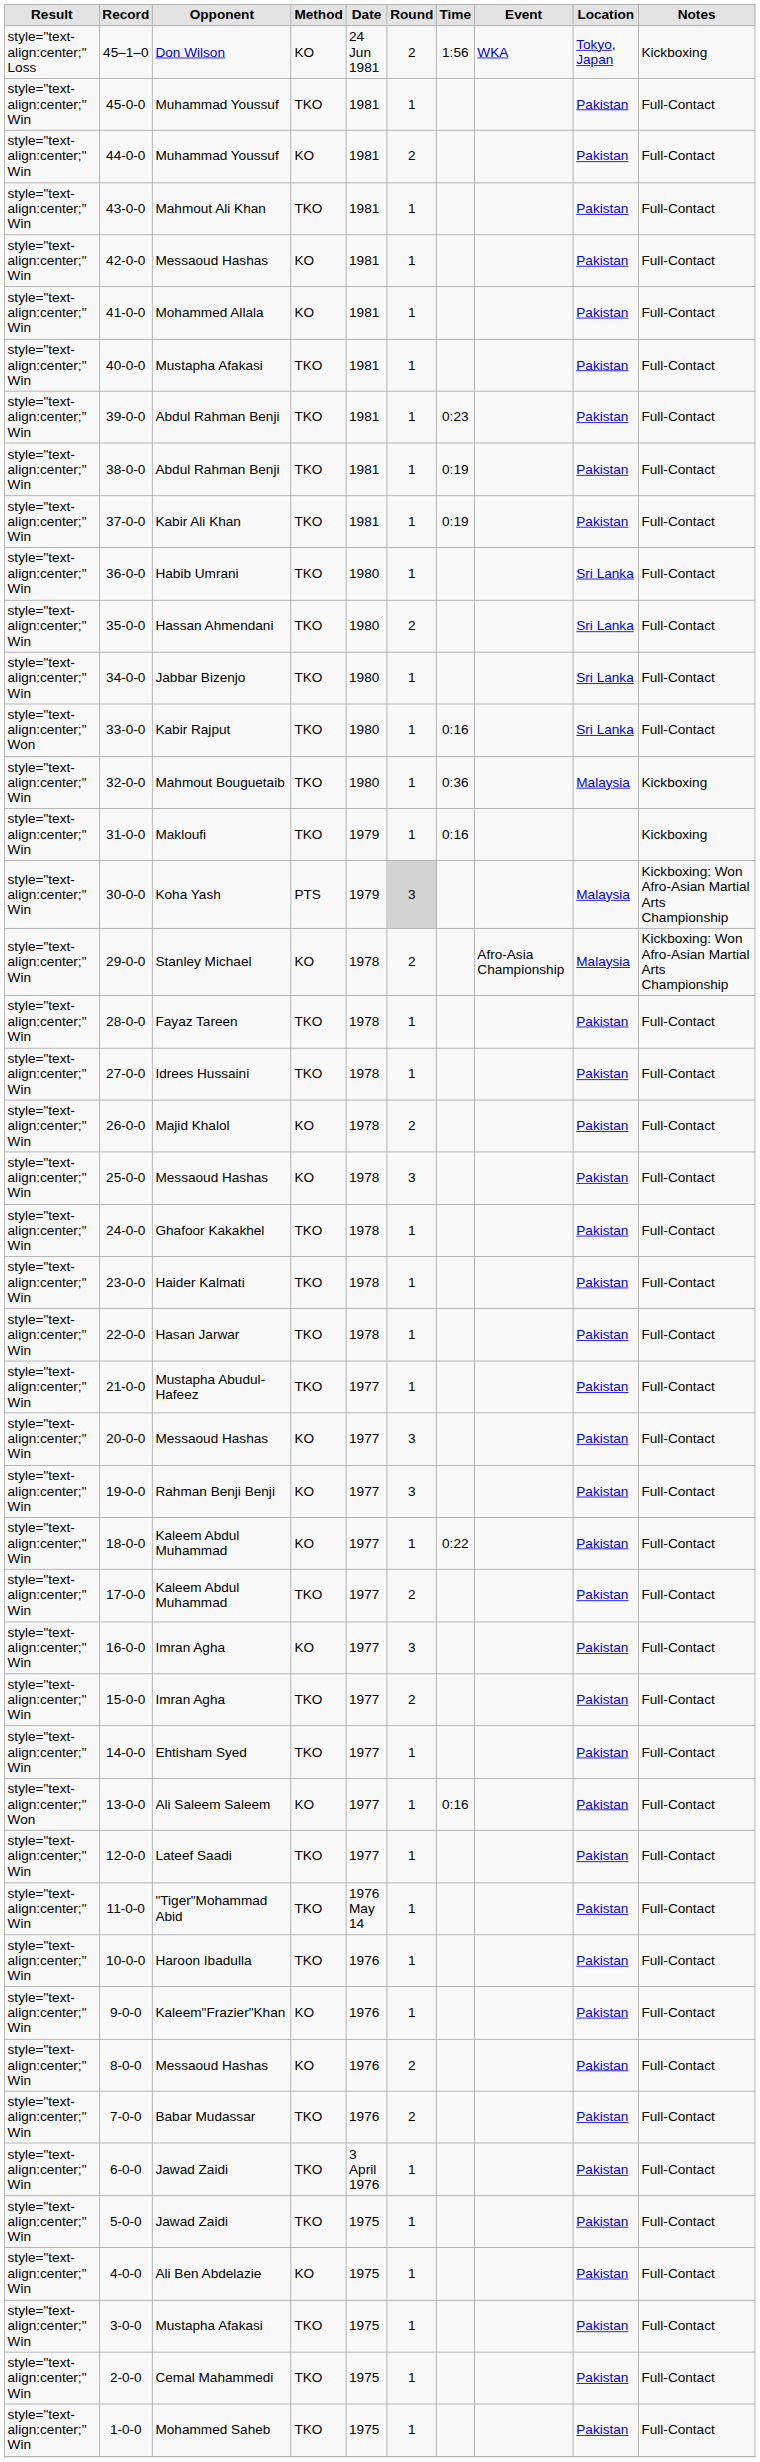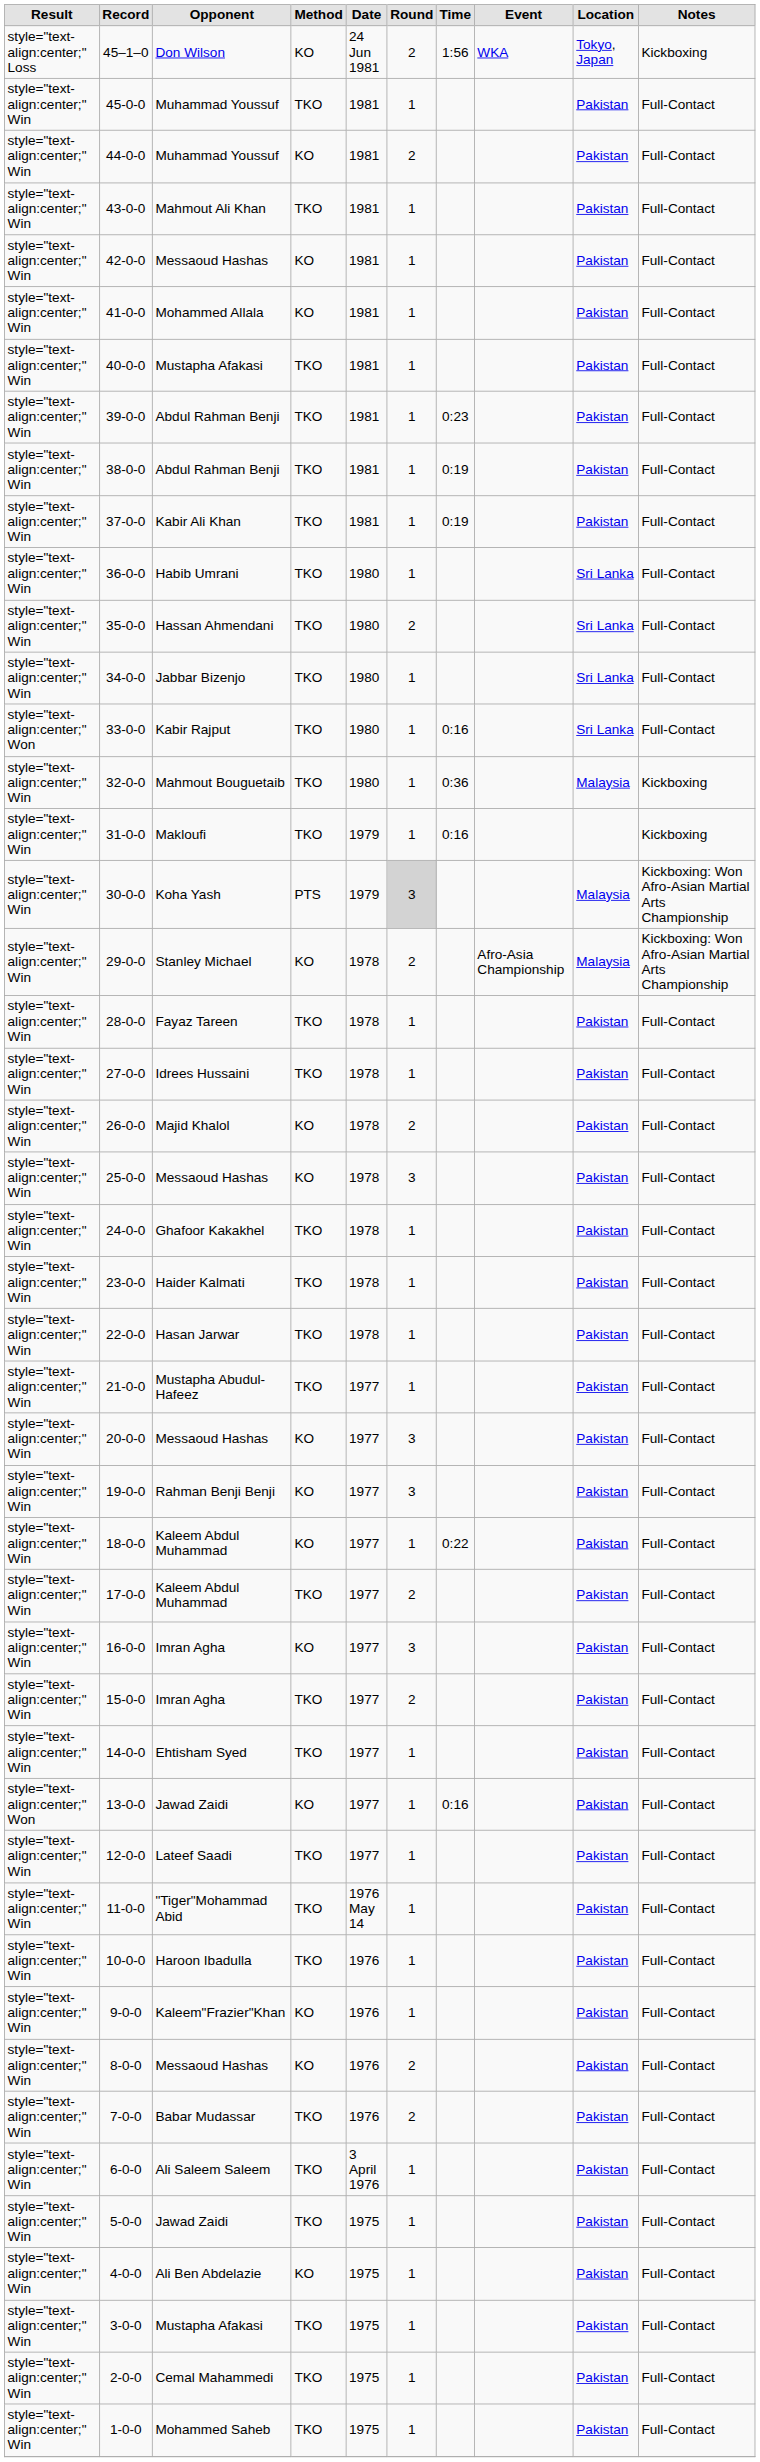 <table class="wikitable sortable" style="text-align:left; width:100%;">
 <tr>
 <th style="border-style:none none solid solid; background:#e3e3e3;">Result</th>
 <th style="border-style:none none solid solid; background:#e3e3e3;">Record</th>
 <th style="border-style:none none solid solid; background:#e3e3e3;">Opponent</th>
 <th style="border-style:none none solid solid; background:#e3e3e3;">Method</th>
 <th style="border-style:none none solid solid; background:#e3e3e3;">Date</th>
 <th style="border-style:none none solid solid; background:#e3e3e3;">Round</th>
 <th style="border-style:none none solid solid; background:#e3e3e3;">Time</th>
 <th style="border-style:none none solid solid; background:#e3e3e3;">Event</th>
 <th style="border-style:none none solid solid; background:#e3e3e3;">Location</th>
 <th style="border-style:none none solid solid; background:#e3e3e3;">Notes</th>
 </tr>
 <tr>
 <td>style="text-align:center;" Loss</td>
 <td style="text-align:center;">45–1–0</td>
 <td align='left'><a href='#'>Don Wilson</a></td>
 <td align='left'>KO</td>
 <td align='left'>24 Jun 1981</td>
 <td style="text-align:center;">2</td>
 <td style="text-align:center;">1:56</td>
 <td align='left'><a href='#'>WKA</a></td>
 <td><a href='#'>Tokyo</a>, <a href='#'>Japan</a></td>
 <td>Kickboxing</td>
 </tr>
 <tr>
 <td>style="text-align:center;" Win</td>
 <td style="text-align:center;">45-0-0</td>
 <td align='left'>Muhammad Youssuf</td>
 <td align='left'>TKO</td>
 <td align='left'>1981</td>
 <td style="text-align:center;">1</td>
 <td style="text-align:center;"></td>
 <td align='left'></td>
 <td><a href='#'>Pakistan</a></td>
 <td>Full-Contact</td>
 </tr>
 <tr>
 <td>style="text-align:center;" Win</td>
 <td style="text-align:center;">44-0-0</td>
 <td align='left'>Muhammad Youssuf</td>
 <td align='left'>KO</td>
 <td align='left'>1981</td>
 <td style="text-align:center;">2</td>
 <td style="text-align:center;"></td>
 <td align='left'></td>
 <td><a href='#'>Pakistan</a></td>
 <td>Full-Contact</td>
 </tr>
 <tr>
 <td>style="text-align:center;" Win</td>
 <td style="text-align:center;">43-0-0</td>
 <td align='left'>Mahmout Ali Khan</td>
 <td align='left'>TKO</td>
 <td align='left'>1981</td>
 <td style="text-align:center;">1</td>
 <td style="text-align:center;"></td>
 <td align='left'></td>
 <td><a href='#'>Pakistan</a></td>
 <td>Full-Contact</td>
 </tr>
 <tr>
 <td>style="text-align:center;" Win</td>
 <td style="text-align:center;">42-0-0</td>
 <td align='left'>Messaoud Hashas</td>
 <td align='left'>KO</td>
 <td align='left'>1981</td>
 <td style="text-align:center;">1</td>
 <td style="text-align:center;"></td>
 <td align='left'></td>
 <td><a href='#'>Pakistan</a></td>
 <td>Full-Contact</td>
 </tr>
 <tr>
 <td>style="text-align:center;" Win</td>
 <td style="text-align:center;">41-0-0</td>
 <td align='left'>Mohammed Allala</td>
 <td align='left'>KO</td>
 <td align='left'>1981</td>
 <td style="text-align:center;">1</td>
 <td style="text-align:center;"></td>
 <td align='left'></td>
 <td><a href='#'>Pakistan</a></td>
 <td>Full-Contact</td>
 </tr>
 <tr>
 <td>style="text-align:center;" Win</td>
 <td style="text-align:center;">40-0-0</td>
 <td align='left'>Mustapha Afakasi</td>
 <td align='left'>TKO</td>
 <td align='left'>1981</td>
 <td style="text-align:center;">1</td>
 <td style="text-align:center;"></td>
 <td align='left'></td>
 <td><a href='#'>Pakistan</a></td>
 <td>Full-Contact</td>
 </tr>
 <tr>
 <td>style="text-align:center;" Win</td>
 <td style="text-align:center;">39-0-0</td>
 <td align='left'>Abdul Rahman Benji</td>
 <td align='left'>TKO</td>
 <td align='left'>1981</td>
 <td style="text-align:center;">1</td>
 <td style="text-align:center;">0:23</td>
 <td align='left'></td>
 <td><a href='#'>Pakistan</a></td>
 <td>Full-Contact</td>
 </tr>
 <tr>
 <td>style="text-align:center;" Win</td>
 <td style="text-align:center;">38-0-0</td>
 <td align='left'>Abdul Rahman Benji</td>
 <td align='left'>TKO</td>
 <td align='left'>1981</td>
 <td style="text-align:center;">1</td>
 <td style="text-align:center;">0:19</td>
 <td align='left'></td>
 <td><a href='#'>Pakistan</a></td>
 <td>Full-Contact</td>
 </tr>
 <tr>
 <td>style="text-align:center;" Win</td>
 <td style="text-align:center;">37-0-0</td>
 <td align='left'>Kabir Ali Khan</td>
 <td align='left'>TKO</td>
 <td align='left'>1981</td>
 <td style="text-align:center;">1</td>
 <td style="text-align:center;">0:19</td>
 <td align='left'></td>
 <td><a href='#'>Pakistan</a></td>
 <td>Full-Contact</td>
 </tr>
 <tr>
 <td>style="text-align:center;" Win</td>
 <td style="text-align:center;">36-0-0</td>
 <td align='left'>Habib Umrani</td>
 <td align='left'>TKO</td>
 <td align='left'>1980</td>
 <td style="text-align:center;">1</td>
 <td style="text-align:center;"></td>
 <td align='left'></td>
 <td><a href='#'>Sri Lanka</a></td>
 <td>Full-Contact</td>
 </tr>
 <tr>
 <td>style="text-align:center;" Win</td>
 <td style="text-align:center;">35-0-0</td>
 <td align='left'>Hassan Ahmendani</td>
 <td align='left'>TKO</td>
 <td align='left'>1980</td>
 <td style="text-align:center;">2</td>
 <td style="text-align:center;"></td>
 <td align='left'></td>
 <td><a href='#'>Sri Lanka</a></td>
 <td>Full-Contact</td>
 </tr>
 <tr>
 <td>style="text-align:center;" Win</td>
 <td style="text-align:center;">34-0-0</td>
 <td align='left'>Jabbar Bizenjo</td>
 <td align='left'>TKO</td>
 <td align='left'>1980</td>
 <td style="text-align:center;">1</td>
 <td style="text-align:center;"></td>
 <td align='left'></td>
 <td><a href='#'>Sri Lanka</a></td>
 <td>Full-Contact</td>
 </tr>
 <tr>
 <td>style="text-align:center;" Won</td>
 <td style="text-align:center;">33-0-0</td>
 <td align='left'>Kabir Rajput</td>
 <td align='left'>TKO</td>
 <td align='left'>1980</td>
 <td style="text-align:center;">1</td>
 <td style="text-align:center;">0:16</td>
 <td align='left'></td>
 <td><a href='#'>Sri Lanka</a></td>
 <td>Full-Contact</td>
 </tr>
 <tr>
 <td>style="text-align:center;" Win</td>
 <td style="text-align:center;">32-0-0</td>
 <td align='left'>Mahmout Bouguetaib</td>
 <td align='left'>TKO</td>
 <td align='left'>1980</td>
 <td style="text-align:center;">1</td>
 <td style="text-align:center;">0:36</td>
 <td align='left'></td>
 <td><a href='#'>Malaysia</a></td>
 <td>Kickboxing</td>
 </tr>
 <tr>
 <td>style="text-align:center;" Win</td>
 <td style="text-align:center;">31-0-0</td>
 <td align='left'>Makloufi</td>
 <td align='left'>TKO</td>
 <td align='left'>1979</td>
 <td style="text-align:center;">1</td>
 <td style="text-align:center;">0:16</td>
 <td align='left'></td>
 <td></td>
 <td>Kickboxing</td>
 </tr>
 <tr>
 <td>style="text-align:center;" Win</td>
 <td style="text-align:center;">30-0-0</td>
 <td align='left'>Koha Yash</td>
 <td align='left'>PTS</td>
 <td align='left'>1979</td>
 <td style="background: lightgrey; text-align:center;">3</td>
 <td style="text-align:center;"></td>
 <td align='left'></td>
 <td><a href='#'>Malaysia</a></td>
 <td>Kickboxing: Won Afro-Asian Martial Arts Championship</td>
 </tr>
 <tr>
 <td>style="text-align:center;" Win</td>
 <td style="text-align:center;">29-0-0</td>
 <td align='left'>Stanley Michael</td>
 <td align='left'>KO</td>
 <td align='left'>1978</td>
 <td style="text-align:center;">2</td>
 <td style="text-align:center;"></td>
 <td align='left'>Afro-Asia Championship</td>
 <td><a href='#'>Malaysia</a></td>
 <td>Kickboxing: Won Afro-Asian Martial Arts Championship</td>
 </tr>
 <tr>
 <td>style="text-align:center;" Win</td>
 <td style="text-align:center;">28-0-0</td>
 <td align='left'>Fayaz Tareen</td>
 <td align='left'>TKO</td>
 <td align='left'>1978</td>
 <td style="text-align:center;">1</td>
 <td style="text-align:center;"></td>
 <td align='left'></td>
 <td><a href='#'>Pakistan</a></td>
 <td>Full-Contact</td>
 </tr>
 <tr>
 <td>style="text-align:center;" Win</td>
 <td style="text-align:center;">27-0-0</td>
 <td align='left'>Idrees Hussaini</td>
 <td align='left'>TKO</td>
 <td align='left'>1978</td>
 <td style="text-align:center;">1</td>
 <td style="text-align:center;"></td>
 <td align='left'></td>
 <td><a href='#'>Pakistan</a></td>
 <td>Full-Contact</td>
 </tr>
 <tr>
 <td>style="text-align:center;" Win</td>
 <td style="text-align:center;">26-0-0</td>
 <td align='left'>Majid Khalol</td>
 <td align='left'>KO</td>
 <td align='left'>1978</td>
 <td style="text-align:center;">2</td>
 <td style="text-align:center;"></td>
 <td align='left'></td>
 <td><a href='#'>Pakistan</a></td>
 <td>Full-Contact</td>
 </tr>
 <tr>
 <td>style="text-align:center;" Win</td>
 <td style="text-align:center;">25-0-0</td>
 <td align='left'>Messaoud Hashas</td>
 <td align='left'>KO</td>
 <td align='left'>1978</td>
 <td style="text-align:center;">3</td>
 <td style="text-align:center;"></td>
 <td align='left'></td>
 <td><a href='#'>Pakistan</a></td>
 <td>Full-Contact</td>
 </tr>
 <tr>
 <td>style="text-align:center;" Win</td>
 <td style="text-align:center;">24-0-0</td>
 <td align='left'>Ghafoor Kakakhel</td>
 <td align='left'>TKO</td>
 <td align='left'>1978</td>
 <td style="text-align:center;">1</td>
 <td style="text-align:center;"></td>
 <td align='left'></td>
 <td><a href='#'>Pakistan</a></td>
 <td>Full-Contact</td>
 </tr>
 <tr>
 <td>style="text-align:center;" Win</td>
 <td style="text-align:center;">23-0-0</td>
 <td align='left'>Haider Kalmati</td>
 <td align='left'>TKO</td>
 <td align='left'>1978</td>
 <td style="text-align:center;">1</td>
 <td style="text-align:center;"></td>
 <td align='left'></td>
 <td><a href='#'>Pakistan</a></td>
 <td>Full-Contact</td>
 </tr>
 <tr>
 <td>style="text-align:center;" Win</td>
 <td style="text-align:center;">22-0-0</td>
 <td align='left'>Hasan Jarwar</td>
 <td align='left'>TKO</td>
 <td align='left'>1978</td>
 <td style="text-align:center;">1</td>
 <td style="text-align:center;"></td>
 <td align='left'></td>
 <td><a href='#'>Pakistan</a></td>
 <td>Full-Contact</td>
 </tr>
 <tr>
 <td>style="text-align:center;" Win</td>
 <td style="text-align:center;">21-0-0</td>
 <td align='left'>Mustapha Abudul-Hafeez</td>
 <td align='left'>TKO</td>
 <td align='left'>1977</td>
 <td style="text-align:center;">1</td>
 <td style="text-align:center;"></td>
 <td align='left'></td>
 <td><a href='#'>Pakistan</a></td>
 <td>Full-Contact</td>
 </tr>
 <tr>
 <td>style="text-align:center;" Win</td>
 <td style="text-align:center;">20-0-0</td>
 <td align='left'>Messaoud Hashas</td>
 <td align='left'>KO</td>
 <td align='left'>1977</td>
 <td style="text-align:center;">3</td>
 <td style="text-align:center;"></td>
 <td align='left'></td>
 <td><a href='#'>Pakistan</a></td>
 <td>Full-Contact</td>
 </tr>
 <tr>
 <td>style="text-align:center;" Win</td>
 <td style="text-align:center;">19-0-0</td>
 <td align='left'>Rahman Benji Benji</td>
 <td align='left'>KO</td>
 <td align='left'>1977</td>
 <td style="text-align:center;">3</td>
 <td style="text-align:center;"></td>
 <td align='left'></td>
 <td><a href='#'>Pakistan</a></td>
 <td>Full-Contact</td>
 </tr>
 <tr>
 <td>style="text-align:center;" Win</td>
 <td style="text-align:center;">18-0-0</td>
 <td align='left'>Kaleem Abdul Muhammad</td>
 <td align='left'>KO</td>
 <td align='left'>1977</td>
 <td style="text-align:center;">1</td>
 <td style="text-align:center;">0:22</td>
 <td align='left'></td>
 <td><a href='#'>Pakistan</a></td>
 <td>Full-Contact</td>
 </tr>
 <tr>
 <td>style="text-align:center;" Win</td>
 <td style="text-align:center;">17-0-0</td>
 <td align='left'>Kaleem Abdul Muhammad</td>
 <td align='left'>TKO</td>
 <td align='left'>1977</td>
 <td style="text-align:center;">2</td>
 <td style="text-align:center;"></td>
 <td align='left'></td>
 <td><a href='#'>Pakistan</a></td>
 <td>Full-Contact</td>
 </tr>
 <tr>
 <td>style="text-align:center;" Win</td>
 <td style="text-align:center;">16-0-0</td>
 <td align='left'>Imran Agha</td>
 <td align='left'>KO</td>
 <td align='left'>1977</td>
 <td style="text-align:center;">3</td>
 <td style="text-align:center;"></td>
 <td align='left'></td>
 <td><a href='#'>Pakistan</a></td>
 <td>Full-Contact</td>
 </tr>
 <tr>
 <td>style="text-align:center;" Win</td>
 <td style="text-align:center;">15-0-0</td>
 <td align='left'>Imran Agha</td>
 <td align='left'>TKO</td>
 <td align='left'>1977</td>
 <td style="text-align:center;">2</td>
 <td style="text-align:center;"></td>
 <td align='left'></td>
 <td><a href='#'>Pakistan</a></td>
 <td>Full-Contact</td>
 </tr>
 <tr>
 <td>style="text-align:center;" Win</td>
 <td style="text-align:center;">14-0-0</td>
 <td align='left'>Ehtisham Syed</td>
 <td align='left'>TKO</td>
 <td align='left'>1977</td>
 <td style="text-align:center;">1</td>
 <td style="text-align:center;"></td>
 <td align='left'></td>
 <td><a href='#'>Pakistan</a></td>
 <td>Full-Contact</td>
 </tr>
 <tr>
 <td>style="text-align:center;" Won</td>
 <td style="text-align:center;">13-0-0</td>
-<td align='left'>Ali Saleem Saleem</td>
+<td align='left'>Jawad Zaidi</td>
 <td align='left'>KO</td>
 <td align='left'>1977</td>
 <td style="text-align:center;">1</td>
 <td style="text-align:center;">0:16</td>
 <td align='left'></td>
 <td><a href='#'>Pakistan</a></td>
 <td>Full-Contact</td>
 </tr>
 <tr>
 <td>style="text-align:center;" Win</td>
 <td style="text-align:center;">12-0-0</td>
 <td align='left'>Lateef Saadi</td>
 <td align='left'>TKO</td>
 <td align='left'>1977</td>
 <td style="text-align:center;">1</td>
 <td style="text-align:center;"></td>
 <td align='left'></td>
 <td><a href='#'>Pakistan</a></td>
 <td>Full-Contact</td>
 </tr>
 <tr>
 <td>style="text-align:center;" Win</td>
 <td style="text-align:center;">11-0-0</td>
 <td align='left'>"Tiger"Mohammad Abid</td>
 <td align='left'>TKO</td>
 <td align='left'>1976 May 14</td>
 <td style="text-align:center;">1</td>
 <td style="text-align:center;"></td>
 <td align='left'></td>
 <td><a href='#'>Pakistan</a></td>
 <td>Full-Contact</td>
 </tr>
 <tr>
 <td>style="text-align:center;" Win</td>
 <td style="text-align:center;">10-0-0</td>
 <td align='left'>Haroon Ibadulla</td>
 <td align='left'>TKO</td>
 <td align='left'>1976</td>
 <td style="text-align:center;">1</td>
 <td style="text-align:center;"></td>
 <td align='left'></td>
 <td><a href='#'>Pakistan</a></td>
 <td>Full-Contact</td>
 </tr>
 <tr>
 <td>style="text-align:center;" Win</td>
 <td style="text-align:center;">9-0-0</td>
 <td align='left'>Kaleem"Frazier"Khan</td>
 <td align='left'>KO</td>
 <td align='left'>1976</td>
 <td style="text-align:center;">1</td>
 <td style="text-align:center;"></td>
 <td align='left'></td>
 <td><a href='#'>Pakistan</a></td>
 <td>Full-Contact</td>
 </tr>
 <tr>
 <td>style="text-align:center;" Win</td>
 <td style="text-align:center;">8-0-0</td>
 <td align='left'>Messaoud Hashas</td>
 <td align='left'>KO</td>
 <td align='left'>1976</td>
 <td style="text-align:center;">2</td>
 <td style="text-align:center;"></td>
 <td align='left'></td>
 <td><a href='#'>Pakistan</a></td>
 <td>Full-Contact</td>
 </tr>
 <tr>
 <td>style="text-align:center;" Win</td>
 <td style="text-align:center;">7-0-0</td>
 <td align='left'>Babar Mudassar</td>
 <td align='left'>TKO</td>
 <td align='left'>1976</td>
 <td style="text-align:center;">2</td>
 <td style="text-align:center;"></td>
 <td align='left'></td>
 <td><a href='#'>Pakistan</a></td>
 <td>Full-Contact</td>
 </tr>
 <tr>
 <td>style="text-align:center;" Win</td>
 <td style="text-align:center;">6-0-0</td>
-<td align='left'>Jawad Zaidi</td>
+<td align='left'>Ali Saleem Saleem</td>
 <td align='left'>TKO</td>
 <td align='left'>3 April 1976</td>
 <td style="text-align:center;">1</td>
 <td style="text-align:center;"></td>
 <td align='left'></td>
 <td><a href='#'>Pakistan</a></td>
 <td>Full-Contact</td>
 </tr>
 <tr>
 <td>style="text-align:center;" Win</td>
 <td style="text-align:center;">5-0-0</td>
 <td align='left'>Jawad Zaidi</td>
 <td align='left'>TKO</td>
 <td align='left'>1975</td>
 <td style="text-align:center;">1</td>
 <td style="text-align:center;"></td>
 <td align='left'></td>
 <td><a href='#'>Pakistan</a></td>
 <td>Full-Contact</td>
 </tr>
 <tr>
 <td>style="text-align:center;" Win</td>
 <td style="text-align:center;">4-0-0</td>
 <td align='left'>Ali Ben Abdelazie</td>
 <td align='left'>KO</td>
 <td align='left'>1975</td>
 <td style="text-align:center;">1</td>
 <td style="text-align:center;"></td>
 <td align='left'></td>
 <td><a href='#'>Pakistan</a></td>
 <td>Full-Contact</td>
 </tr>
 <tr>
 <td>style="text-align:center;" Win</td>
 <td style="text-align:center;">3-0-0</td>
 <td align='left'>Mustapha Afakasi</td>
 <td align='left'>TKO</td>
 <td align='left'>1975</td>
 <td style="text-align:center;">1</td>
 <td style="text-align:center;"></td>
 <td align='left'></td>
 <td><a href='#'>Pakistan</a></td>
 <td>Full-Contact</td>
 </tr>
 <tr>
 <td>style="text-align:center;" Win</td>
 <td style="text-align:center;">2-0-0</td>
 <td align='left'>Cemal Mahammedi</td>
 <td align='left'>TKO</td>
 <td align='left'>1975</td>
 <td style="text-align:center;">1</td>
 <td style="text-align:center;"></td>
 <td align='left'></td>
 <td><a href='#'>Pakistan</a></td>
 <td>Full-Contact</td>
 </tr>
 <tr>
 <td>style="text-align:center;" Win</td>
 <td style="text-align:center;">1-0-0</td>
 <td align='left'>Mohammed Saheb</td>
 <td align='left'>TKO</td>
 <td align='left'>1975</td>
 <td style="text-align:center;">1</td>
 <td style="text-align:center;"></td>
 <td align='left'></td>
 <td><a href='#'>Pakistan</a></td>
 <td>Full-Contact</td>
 </tr>
 <tr>
 </tr>
 </table>
